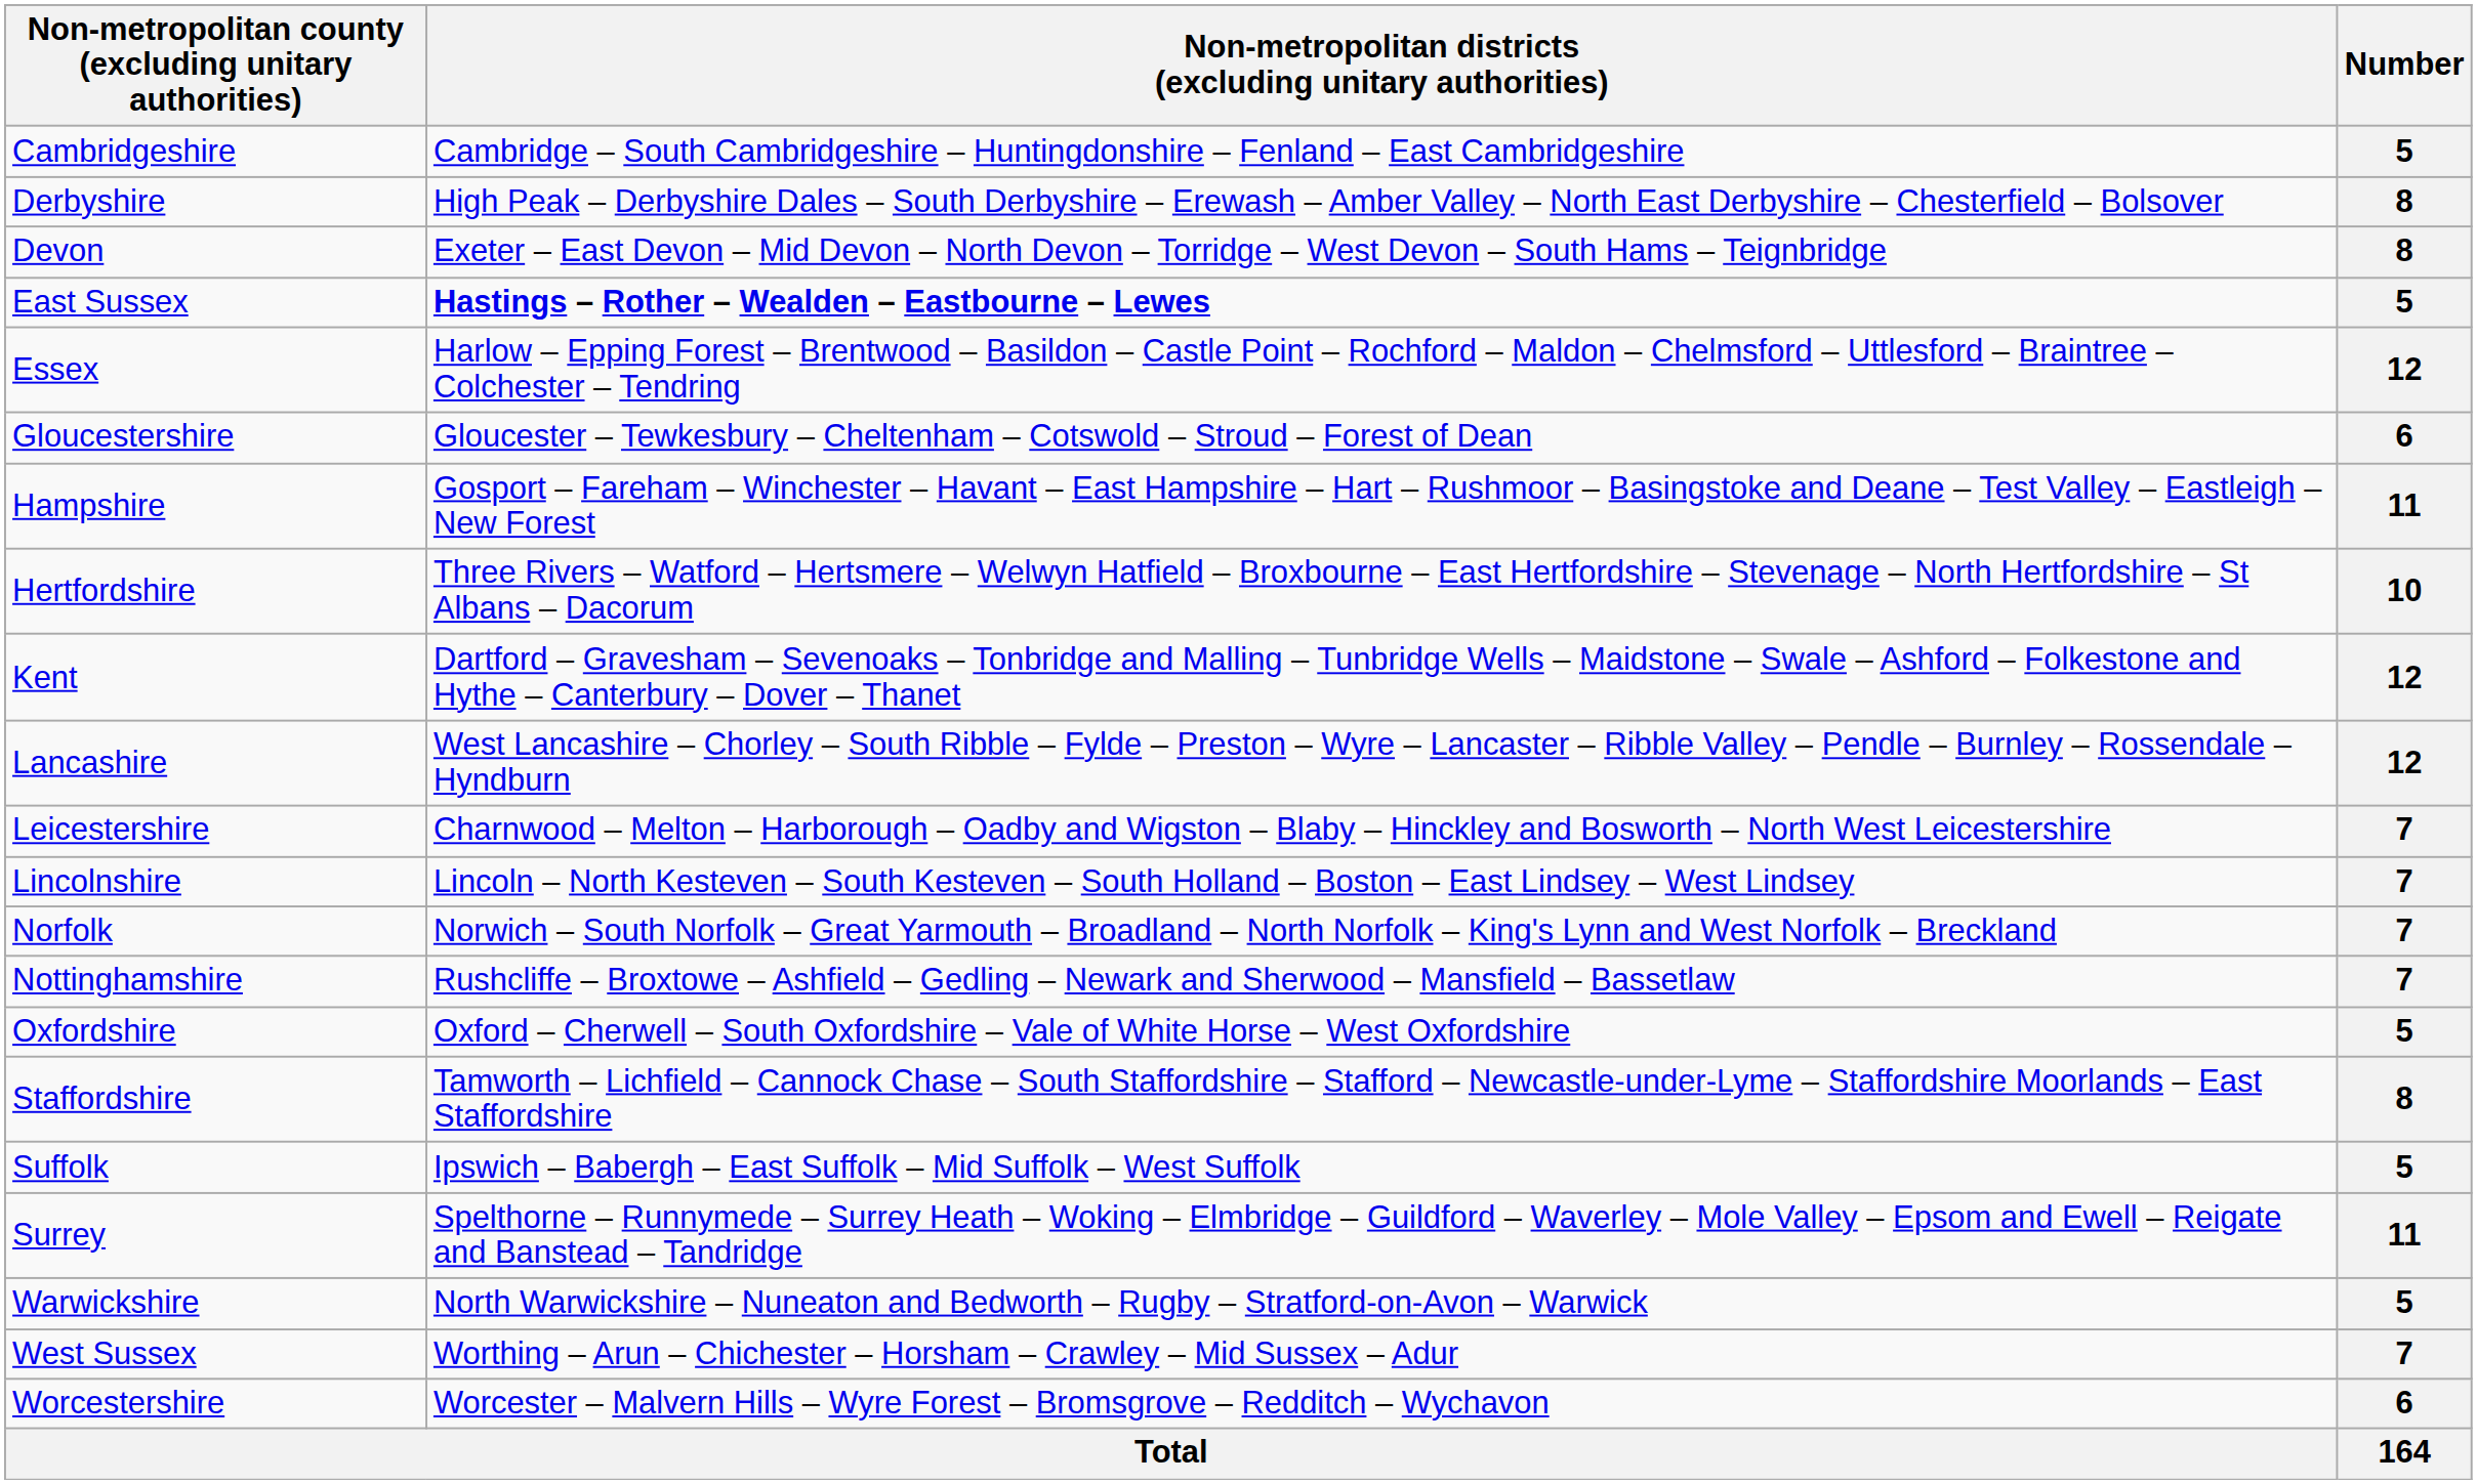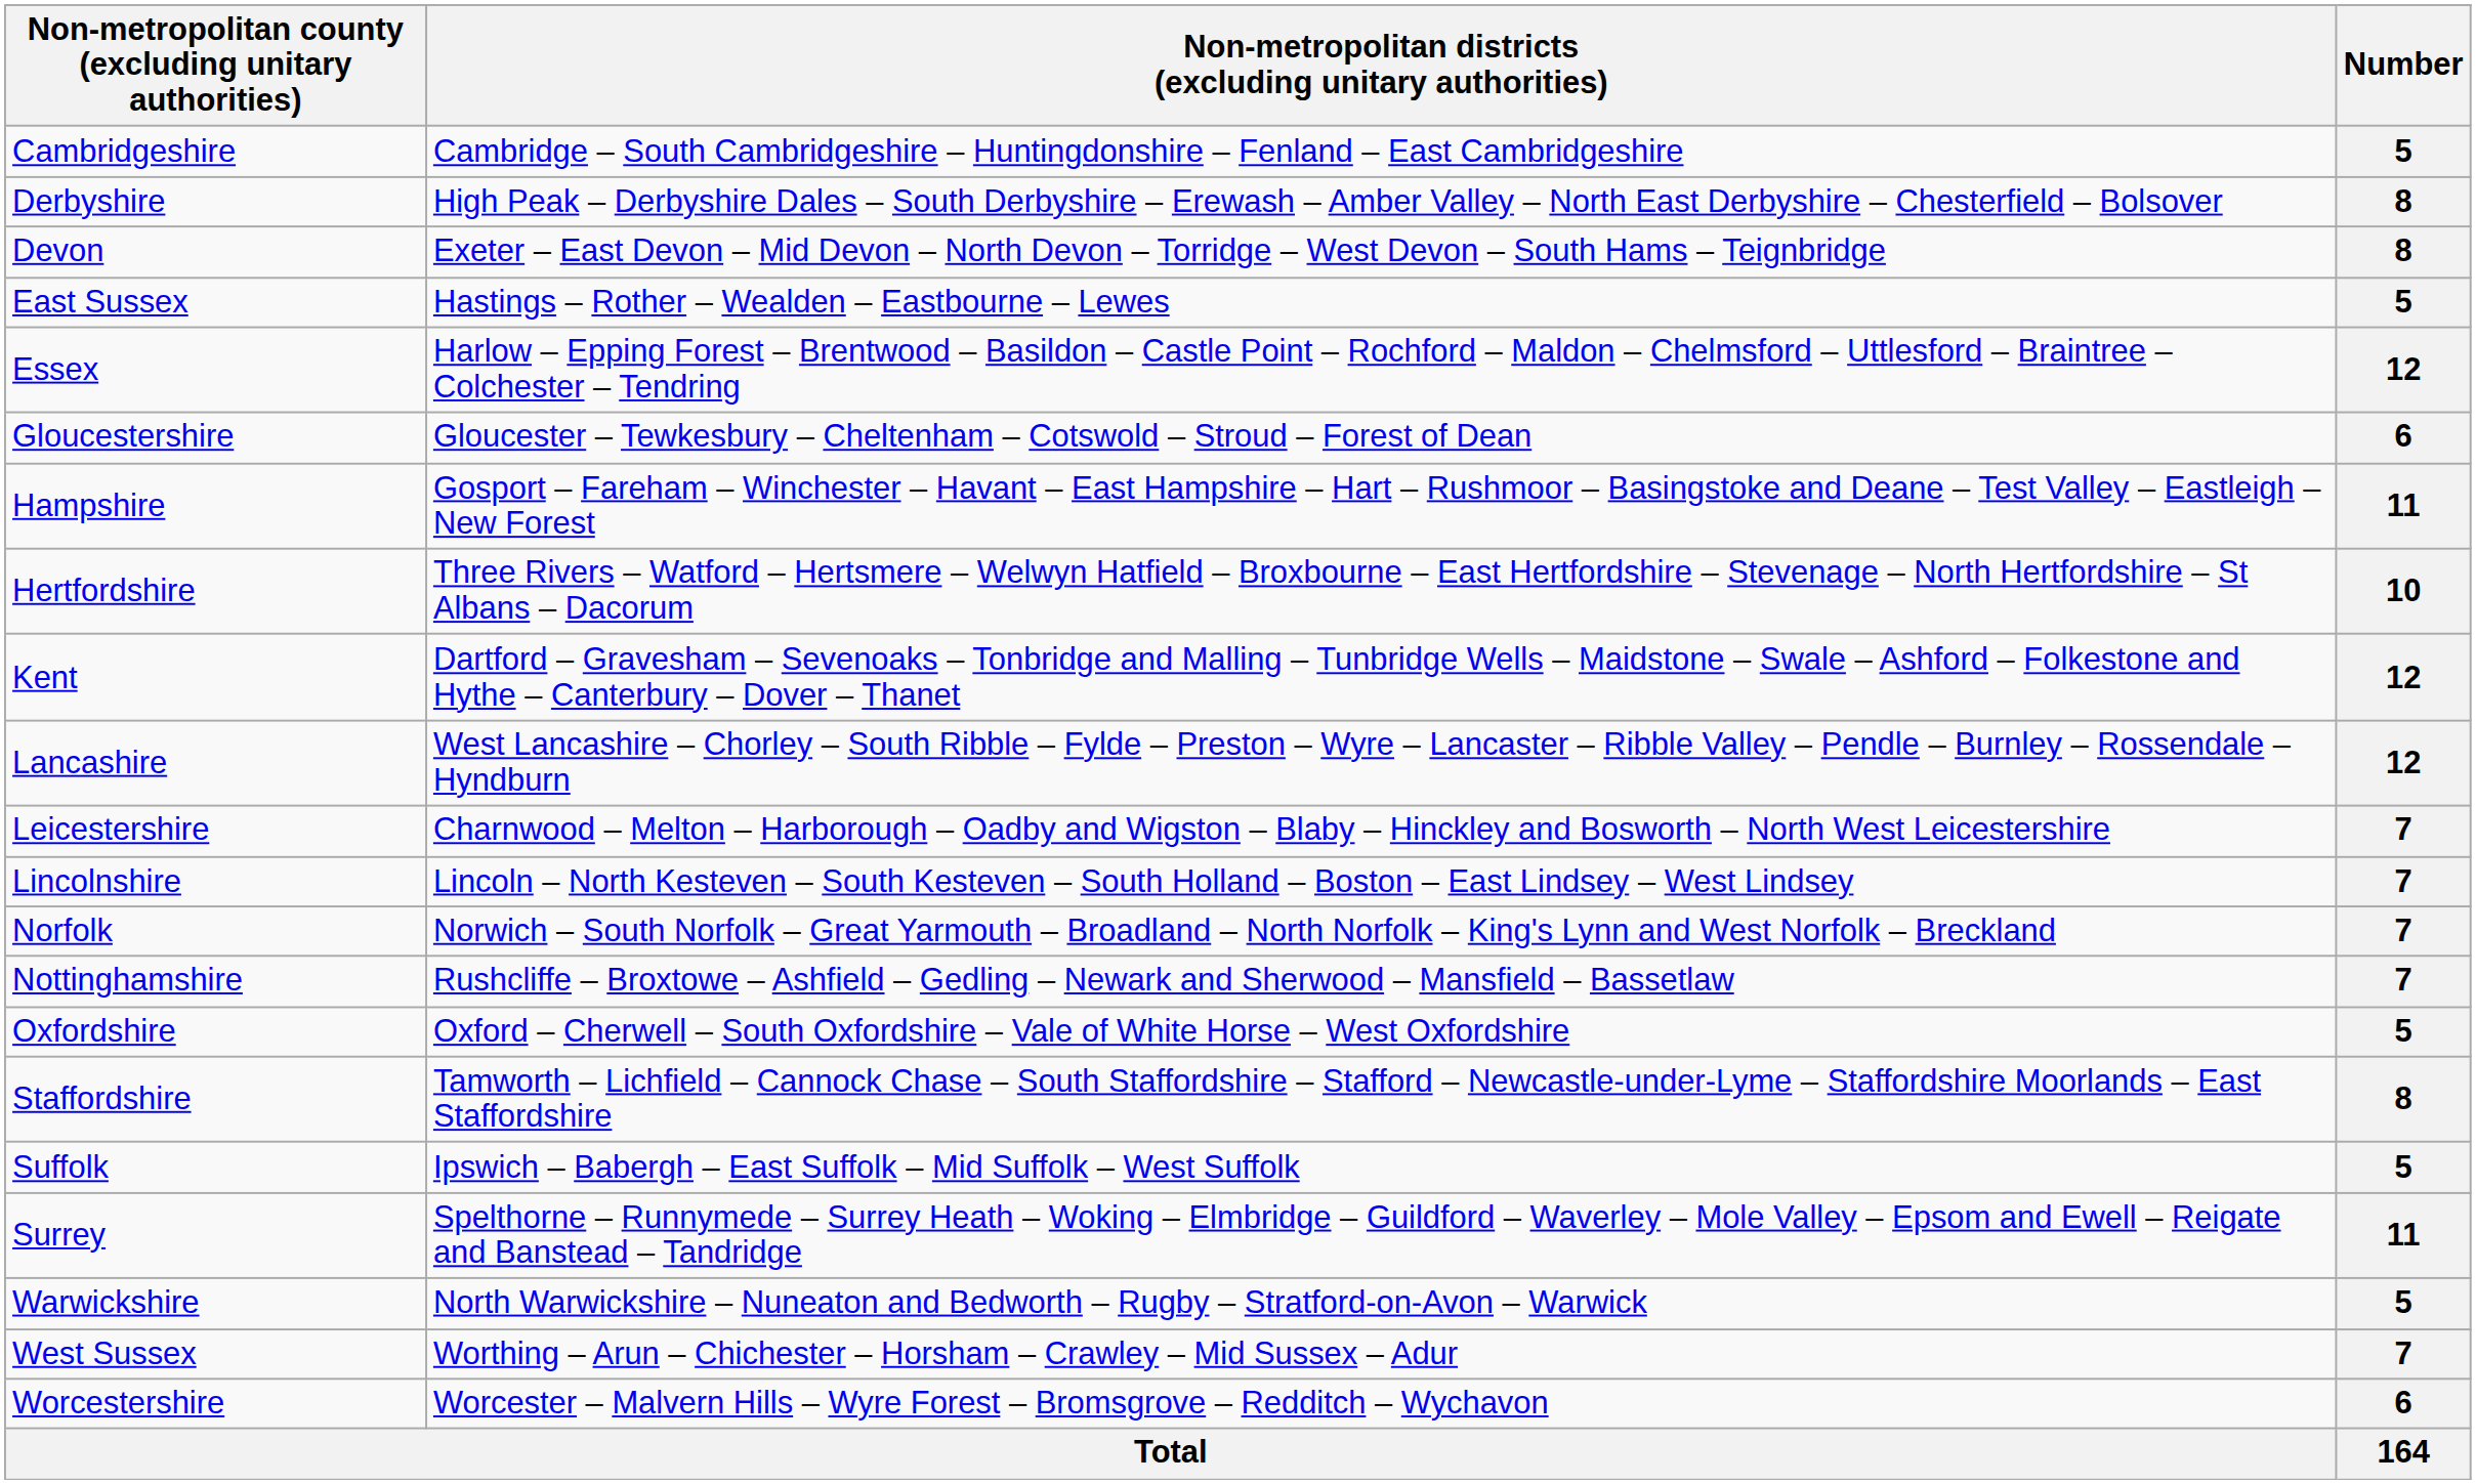 <table class="wikitable sortable">
 <tr>
 <th>Non-metropolitan county <br> (excluding unitary authorities)</th>
 <th>Non-metropolitan districts <br> (excluding unitary authorities)</th>
 <th>Number</th>
 </tr>
 <tr>
 <td><a href='#'>Cambridgeshire</a></td>
 <td><a href='#'>Cambridge</a> – <a href='#'>South Cambridgeshire</a> – <a href='#'>Huntingdonshire</a> – <a href='#'>Fenland</a> – <a href='#'>East Cambridgeshire</a></td>
 <th>5</th>
 </tr>
 <tr>
 <td><a href='#'>Derbyshire</a></td>
 <td><a href='#'>High Peak</a> – <a href='#'>Derbyshire Dales</a> – <a href='#'>South Derbyshire</a> – <a href='#'>Erewash</a> – <a href='#'>Amber Valley</a> – <a href='#'>North East Derbyshire</a> – <a href='#'>Chesterfield</a> – <a href='#'>Bolsover</a></td>
 <th>8</th>
 </tr>
 <tr>
 <td><a href='#'>Devon</a></td>
 <td><a href='#'>Exeter</a> – <a href='#'>East Devon</a> – <a href='#'>Mid Devon</a> – <a href='#'>North Devon</a> – <a href='#'>Torridge</a> – <a href='#'>West Devon</a> – <a href='#'>South Hams</a> – <a href='#'>Teignbridge</a></td>
 <th>8</th>
 </tr>
 <tr>
 <td><a href='#'>East Sussex</a></td>
-<td><strong><a href='#'>Hastings</a> – <a href='#'>Rother</a> – <a href='#'>Wealden</a> – <a href='#'>Eastbourne</a> – <a href='#'>Lewes</a></strong></td>
+<td><a href='#'>Hastings</a> – <a href='#'>Rother</a> – <a href='#'>Wealden</a> – <a href='#'>Eastbourne</a> – <a href='#'>Lewes</a></td>
 <th>5</th>
 </tr>
 <tr>
 <td><a href='#'>Essex</a></td>
 <td><a href='#'>Harlow</a> – <a href='#'>Epping Forest</a> – <a href='#'>Brentwood</a> – <a href='#'>Basildon</a> – <a href='#'>Castle Point</a> – <a href='#'>Rochford</a> – <a href='#'>Maldon</a> – <a href='#'>Chelmsford</a> – <a href='#'>Uttlesford</a> – <a href='#'>Braintree</a> – <a href='#'>Colchester</a> – <a href='#'>Tendring</a></td>
 <th>12</th>
 </tr>
 <tr>
 <td><a href='#'>Gloucestershire</a></td>
 <td><a href='#'>Gloucester</a> – <a href='#'>Tewkesbury</a> – <a href='#'>Cheltenham</a> – <a href='#'>Cotswold</a> – <a href='#'>Stroud</a> – <a href='#'>Forest of Dean</a></td>
 <th>6</th>
 </tr>
 <tr>
 <td><a href='#'>Hampshire</a></td>
 <td><a href='#'>Gosport</a> – <a href='#'>Fareham</a> – <a href='#'>Winchester</a> – <a href='#'>Havant</a> – <a href='#'>East Hampshire</a> – <a href='#'>Hart</a> – <a href='#'>Rushmoor</a> – <a href='#'>Basingstoke and Deane</a> – <a href='#'>Test Valley</a> – <a href='#'>Eastleigh</a> – <a href='#'>New Forest</a></td>
 <th>11</th>
 </tr>
 <tr>
 <td><a href='#'>Hertfordshire</a></td>
 <td><a href='#'>Three Rivers</a> – <a href='#'>Watford</a> – <a href='#'>Hertsmere</a> – <a href='#'>Welwyn Hatfield</a> – <a href='#'>Broxbourne</a> – <a href='#'>East Hertfordshire</a> – <a href='#'>Stevenage</a> – <a href='#'>North Hertfordshire</a> – <a href='#'>St Albans</a> – <a href='#'>Dacorum</a></td>
 <th>10</th>
 </tr>
 <tr>
 <td><a href='#'>Kent</a></td>
 <td><a href='#'>Dartford</a> – <a href='#'>Gravesham</a> – <a href='#'>Sevenoaks</a> – <a href='#'>Tonbridge and Malling</a> – <a href='#'>Tunbridge Wells</a> – <a href='#'>Maidstone</a> – <a href='#'>Swale</a> – <a href='#'>Ashford</a> – <a href='#'>Folkestone and Hythe</a> – <a href='#'>Canterbury</a> – <a href='#'>Dover</a> – <a href='#'>Thanet</a></td>
 <th>12</th>
 </tr>
 <tr>
 <td><a href='#'>Lancashire</a></td>
 <td><a href='#'>West Lancashire</a> – <a href='#'>Chorley</a> – <a href='#'>South Ribble</a> – <a href='#'>Fylde</a> – <a href='#'>Preston</a> – <a href='#'>Wyre</a> – <a href='#'>Lancaster</a> – <a href='#'>Ribble Valley</a> – <a href='#'>Pendle</a> – <a href='#'>Burnley</a> – <a href='#'>Rossendale</a> – <a href='#'>Hyndburn</a></td>
 <th>12</th>
 </tr>
 <tr>
 <td><a href='#'>Leicestershire</a></td>
 <td><a href='#'>Charnwood</a> – <a href='#'>Melton</a> – <a href='#'>Harborough</a> – <a href='#'>Oadby and Wigston</a> – <a href='#'>Blaby</a> – <a href='#'>Hinckley and Bosworth</a> – <a href='#'>North West Leicestershire</a></td>
 <th>7</th>
 </tr>
 <tr>
 <td><a href='#'>Lincolnshire</a></td>
 <td><a href='#'>Lincoln</a> – <a href='#'>North Kesteven</a> – <a href='#'>South Kesteven</a> – <a href='#'>South Holland</a> – <a href='#'>Boston</a> – <a href='#'>East Lindsey</a> – <a href='#'>West Lindsey</a></td>
 <th>7</th>
 </tr>
 <tr>
 <td><a href='#'>Norfolk</a></td>
 <td><a href='#'>Norwich</a> – <a href='#'>South Norfolk</a> – <a href='#'>Great Yarmouth</a> – <a href='#'>Broadland</a> – <a href='#'>North Norfolk</a> – <a href='#'>King's Lynn and West Norfolk</a> – <a href='#'>Breckland</a></td>
 <th>7</th>
 </tr>
 <tr>
 <td><a href='#'>Nottinghamshire</a></td>
 <td><a href='#'>Rushcliffe</a> – <a href='#'>Broxtowe</a> – <a href='#'>Ashfield</a> – <a href='#'>Gedling</a> – <a href='#'>Newark and Sherwood</a> – <a href='#'>Mansfield</a> – <a href='#'>Bassetlaw</a></td>
 <th>7</th>
 </tr>
 <tr>
 <td><a href='#'>Oxfordshire</a></td>
 <td><a href='#'>Oxford</a> – <a href='#'>Cherwell</a> – <a href='#'>South Oxfordshire</a> – <a href='#'>Vale of White Horse</a> – <a href='#'>West Oxfordshire</a></td>
 <th>5</th>
 </tr>
 <tr>
 <td><a href='#'>Staffordshire</a></td>
 <td><a href='#'>Tamworth</a> – <a href='#'>Lichfield</a> – <a href='#'>Cannock Chase</a> – <a href='#'>South Staffordshire</a> – <a href='#'>Stafford</a> – <a href='#'>Newcastle-under-Lyme</a> – <a href='#'>Staffordshire Moorlands</a> – <a href='#'>East Staffordshire</a></td>
 <th>8</th>
 </tr>
 <tr>
 <td><a href='#'>Suffolk</a></td>
 <td><a href='#'>Ipswich</a> – <a href='#'>Babergh</a> – <a href='#'>East Suffolk</a> – <a href='#'>Mid Suffolk</a> – <a href='#'>West Suffolk</a></td>
 <th>5</th>
 </tr>
 <tr>
 <td><a href='#'>Surrey</a></td>
 <td><a href='#'>Spelthorne</a> – <a href='#'>Runnymede</a> – <a href='#'>Surrey Heath</a> – <a href='#'>Woking</a> – <a href='#'>Elmbridge</a> – <a href='#'>Guildford</a> – <a href='#'>Waverley</a> – <a href='#'>Mole Valley</a> – <a href='#'>Epsom and Ewell</a> – <a href='#'>Reigate and Banstead</a> – <a href='#'>Tandridge</a></td>
 <th>11</th>
 </tr>
 <tr>
 <td><a href='#'>Warwickshire</a></td>
 <td><a href='#'>North Warwickshire</a> – <a href='#'>Nuneaton and Bedworth</a> – <a href='#'>Rugby</a> – <a href='#'>Stratford-on-Avon</a> – <a href='#'>Warwick</a></td>
 <th>5</th>
 </tr>
 <tr>
 <td><a href='#'>West Sussex</a></td>
 <td><a href='#'>Worthing</a> – <a href='#'>Arun</a> – <a href='#'>Chichester</a> – <a href='#'>Horsham</a> – <a href='#'>Crawley</a> – <a href='#'>Mid Sussex</a> – <a href='#'>Adur</a></td>
 <th>7</th>
 </tr>
 <tr>
 <td><a href='#'>Worcestershire</a></td>
 <td><a href='#'>Worcester</a> – <a href='#'>Malvern Hills</a> – <a href='#'>Wyre Forest</a> – <a href='#'>Bromsgrove</a> – <a href='#'>Redditch</a> – <a href='#'>Wychavon</a></td>
 <th>6</th>
 </tr>
 <tr>
 <th colspan="2">Total</th>
 <th>164 </th>
 </tr>
 </table>
